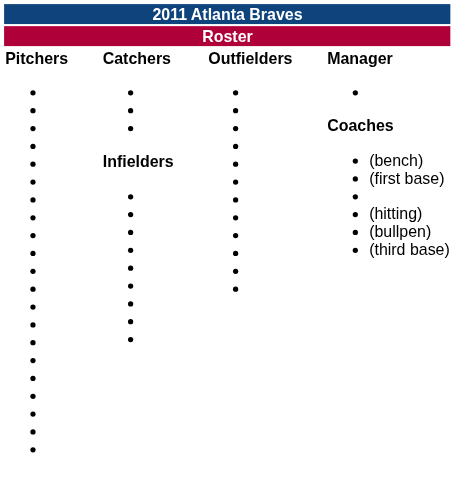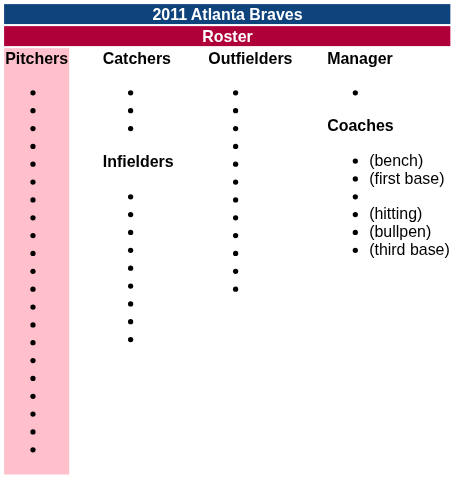 <table class="toccolours" style="font-size: 95%;">
 <tr>
 <th colspan="10" style="background:#0f437c; color:#fff; text-align:center;">2011 Atlanta Braves</th>
 </tr>
 <tr>
 <td colspan="10" style="background:#af0039; color:white; text-align:center;"><strong>Roster</strong></td>
 </tr>
 <tr>
-<td valign="top"><strong>Pitchers</strong><br><ul><li></li><li></li><li></li><li></li><li></li><li></li><li></li><li></li><li></li><li></li><li></li><li></li><li></li><li></li><li></li><li></li><li></li><li></li><li></li><li></li><li></li></ul></td>
+<td valign="top" style="background: pink;"><strong>Pitchers</strong><br><ul><li></li><li></li><li></li><li></li><li></li><li></li><li></li><li></li><li></li><li></li><li></li><li></li><li></li><li></li><li></li><li></li><li></li><li></li><li></li><li></li><li></li></ul></td>
 <td style="width:25px;"></td>
 <td valign="top"><strong>Catchers</strong><br><ul><li></li><li></li><li></li></ul><strong>Infielders</strong><ul><li></li><li></li><li></li><li></li><li></li><li></li><li></li><li></li><li></li></ul></td>
 <td style="width:25px;"></td>
 <td valign="top"><strong>Outfielders</strong><br><ul><li></li><li></li><li></li><li></li><li></li><li></li><li></li><li></li><li></li><li></li><li></li><li></li></ul></td>
 <td style="width:25px;"></td>
 <td valign="top"><strong>Manager</strong><br><ul><li></li></ul><strong>Coaches</strong><ul><li> (bench)</li><li> (first base)</li><li></li><li> (hitting)</li><li> (bullpen)</li><li> (third base)</li></ul></td>
 </tr>
 </table>
